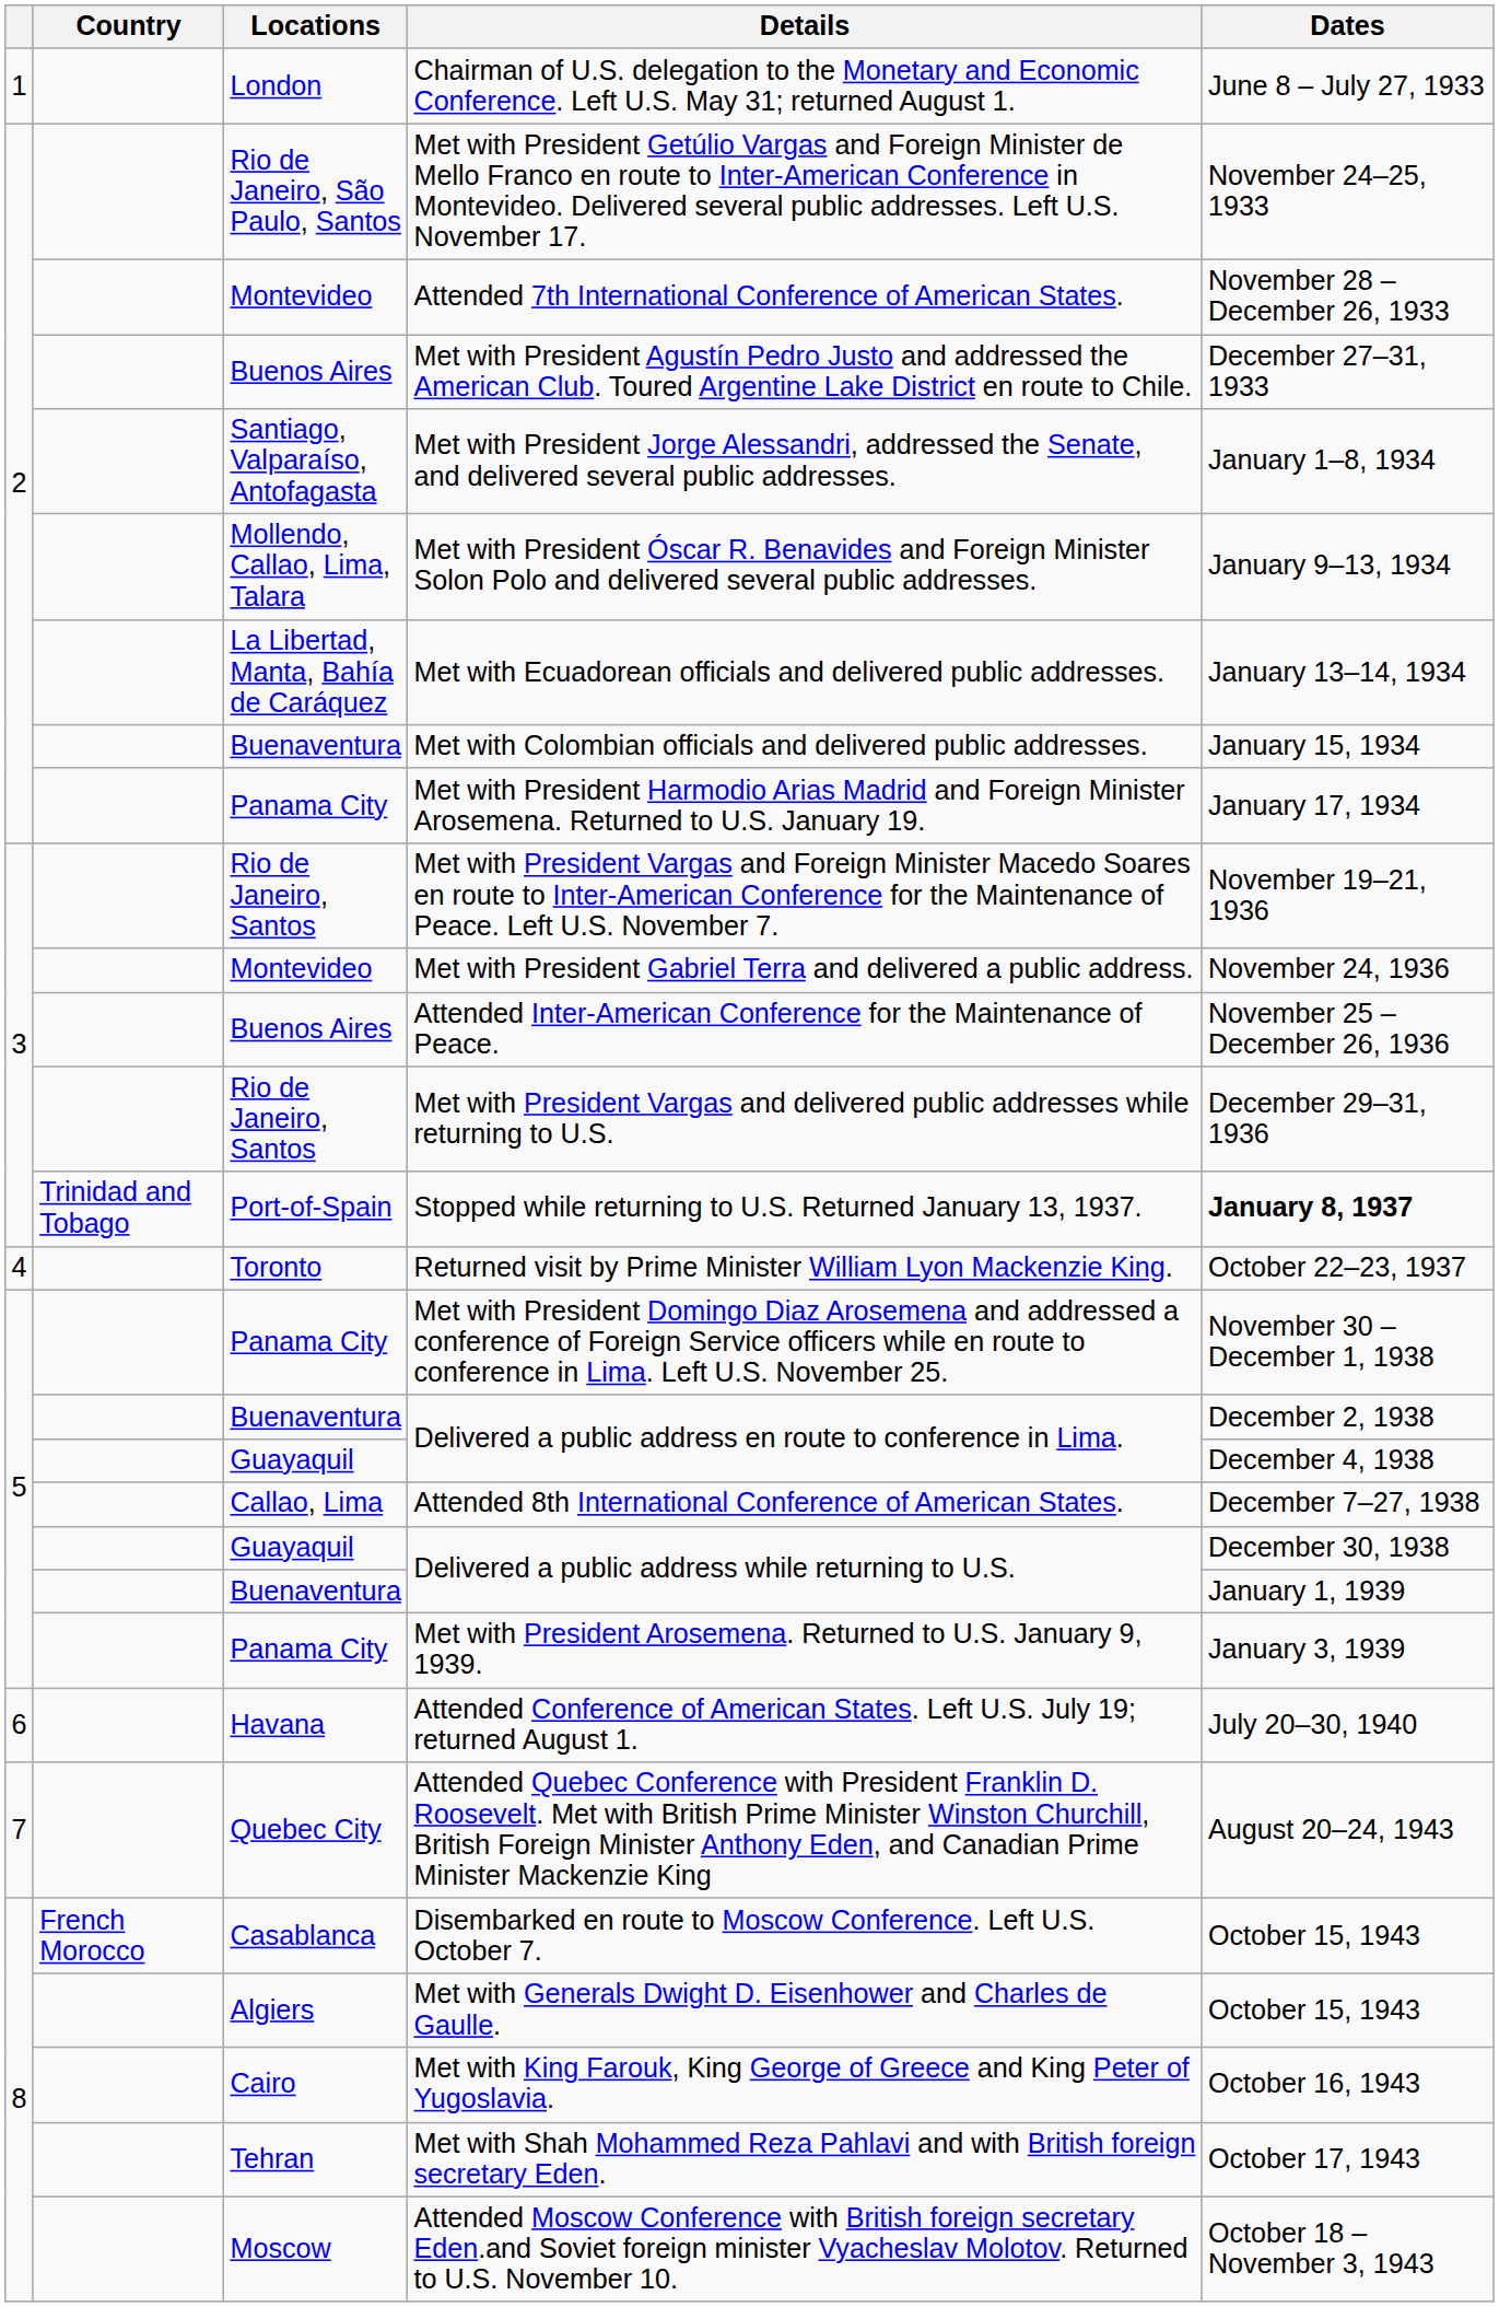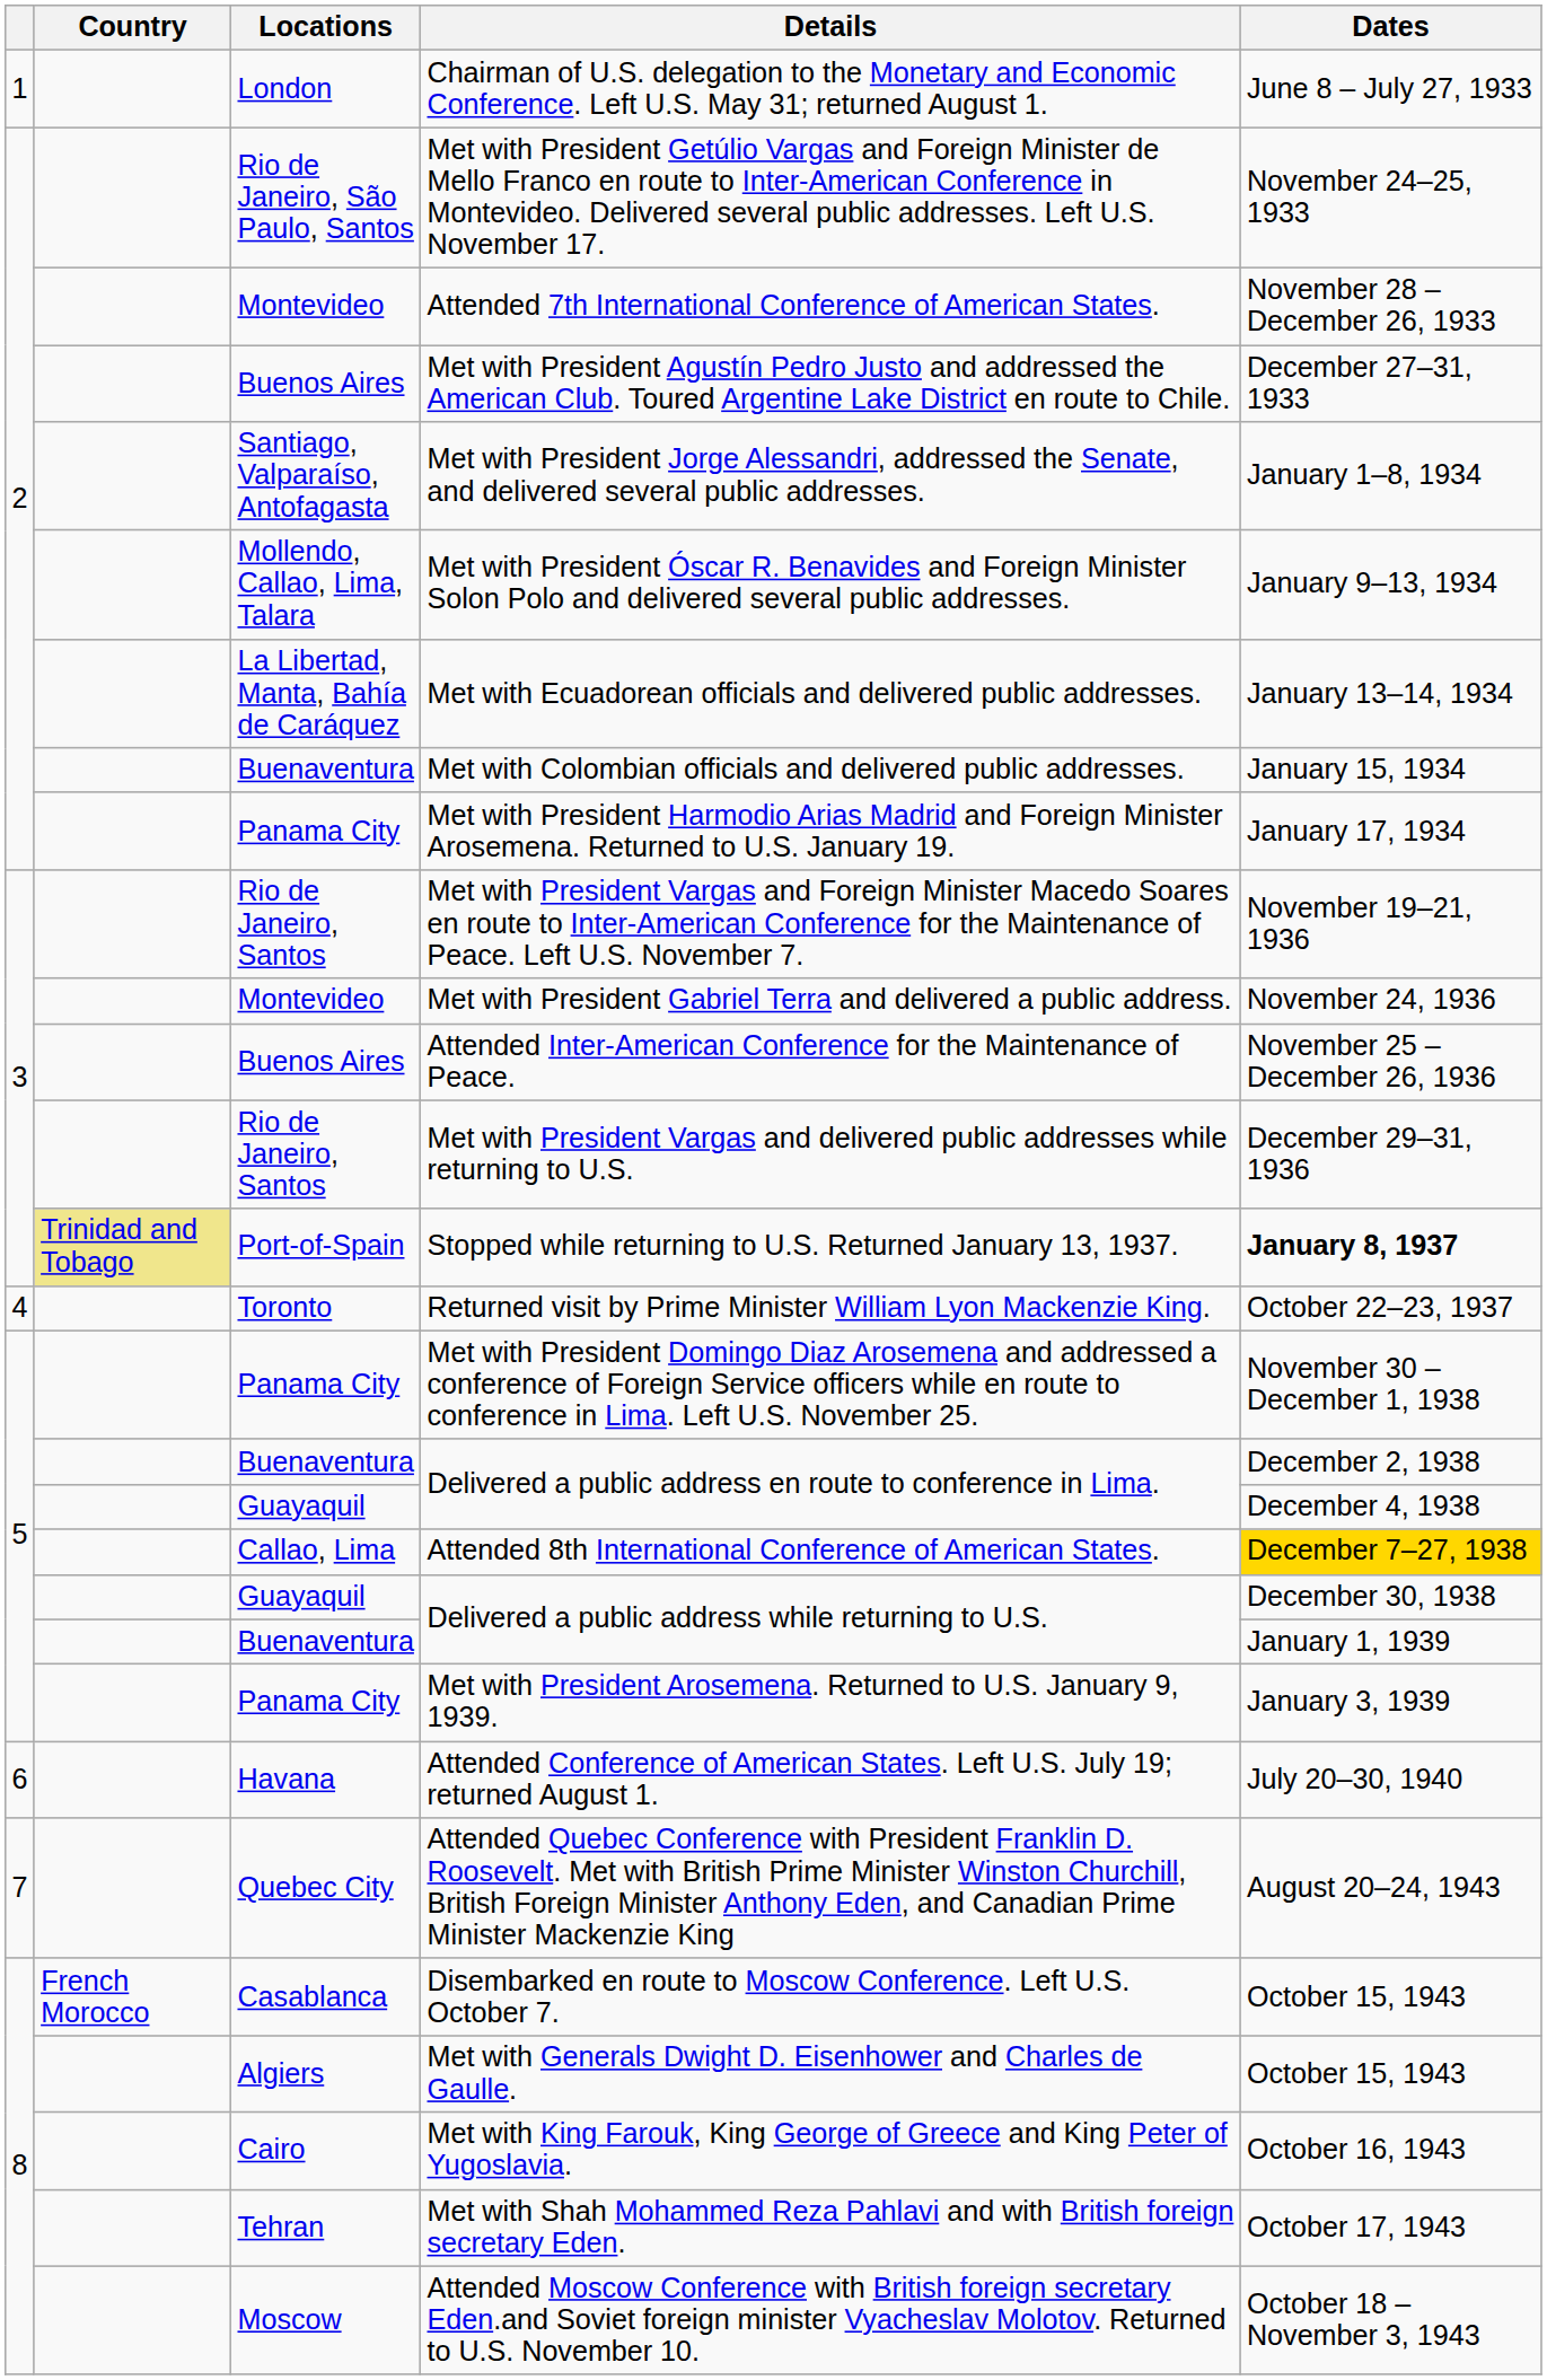 <table class="wikitable sortable">
 <tr>
 <th></th>
 <th style="width: 13%;">Country</th>
 <th style="width: 12%;">Locations</th>
 <th style="width: 55%;">Details</th>
 <th style="width: 20%;">Dates</th>
 </tr>
 <tr>
 <td>1</td>
 <td></td>
 <td><a href='#'>London</a></td>
 <td>Chairman of U.S. delegation to the <a href='#'>Monetary and Economic Conference</a>. Left U.S. May 31; returned August 1.</td>
 <td>June 8 – July 27, 1933</td>
 </tr>
 <tr>
 <td rowspan="8">2</td>
 <td></td>
 <td><a href='#'>Rio de Janeiro</a>, <a href='#'>São Paulo</a>, <a href='#'>Santos</a></td>
 <td>Met with President <a href='#'>Getúlio Vargas</a> and Foreign Minister de Mello Franco en route to <a href='#'>Inter-American Conference</a> in Montevideo. Delivered several public addresses. Left U.S. November 17.</td>
 <td>November 24–25, 1933</td>
 </tr>
 <tr>
 <td></td>
 <td><a href='#'>Montevideo</a></td>
 <td>Attended <a href='#'>7th International Conference of American States</a>.</td>
 <td>November 28 – December 26, 1933</td>
 </tr>
 <tr>
 <td></td>
 <td><a href='#'>Buenos Aires</a></td>
 <td>Met with President <a href='#'>Agustín Pedro Justo</a> and addressed the <a href='#'>American Club</a>. Toured <a href='#'>Argentine Lake District</a> en route to Chile.</td>
 <td>December 27–31, 1933</td>
 </tr>
 <tr>
 <td></td>
 <td><a href='#'>Santiago</a>, <a href='#'>Valparaíso</a>, <a href='#'>Antofagasta</a></td>
 <td>Met with President <a href='#'>Jorge Alessandri</a>, addressed the <a href='#'>Senate</a>, and delivered several public addresses.</td>
 <td>January 1–8, 1934</td>
 </tr>
 <tr>
 <td></td>
 <td><a href='#'>Mollendo</a>, <a href='#'>Callao</a>, <a href='#'>Lima</a>, <a href='#'>Talara</a></td>
 <td>Met with President <a href='#'>Óscar R. Benavides</a> and Foreign Minister Solon Polo and delivered several public addresses.</td>
 <td>January 9–13, 1934</td>
 </tr>
 <tr>
 <td></td>
 <td><a href='#'>La Libertad</a>, <a href='#'>Manta</a>, <a href='#'>Bahía de Caráquez</a></td>
 <td>Met with Ecuadorean officials and delivered public addresses.</td>
 <td>January 13–14, 1934</td>
 </tr>
 <tr>
 <td></td>
 <td><a href='#'>Buenaventura</a></td>
 <td>Met with Colombian officials and delivered public addresses.</td>
 <td>January 15, 1934</td>
 </tr>
 <tr>
 <td></td>
 <td><a href='#'>Panama City</a></td>
 <td>Met with President <a href='#'>Harmodio Arias Madrid</a> and Foreign Minister Arosemena. Returned to U.S. January 19.</td>
 <td>January 17, 1934</td>
 </tr>
 <tr>
 <td rowspan="5">3</td>
 <td></td>
 <td><a href='#'>Rio de Janeiro</a>, <a href='#'>Santos</a></td>
 <td>Met with <a href='#'>President Vargas</a> and Foreign Minister Macedo Soares en route to <a href='#'>Inter-American Conference</a> for the Maintenance of Peace. Left U.S. November 7.</td>
 <td>November 19–21, 1936</td>
 </tr>
 <tr>
 <td></td>
 <td><a href='#'>Montevideo</a></td>
 <td>Met with President <a href='#'>Gabriel Terra</a> and delivered a public address.</td>
 <td>November 24, 1936</td>
 </tr>
 <tr>
 <td></td>
 <td><a href='#'>Buenos Aires</a></td>
 <td>Attended <a href='#'>Inter-American Conference</a> for the Maintenance of Peace.</td>
 <td>November 25 – December 26, 1936</td>
 </tr>
 <tr>
 <td></td>
 <td><a href='#'>Rio de Janeiro</a>, <a href='#'>Santos</a></td>
 <td>Met with <a href='#'>President Vargas</a> and delivered public addresses while returning to U.S.</td>
 <td>December 29–31, 1936</td>
 </tr>
 <tr>
-<td><a href='#'>Trinidad and Tobago</a></td>
+<td style="background: khaki;"><a href='#'>Trinidad and Tobago</a></td>
 <td><a href='#'>Port-of-Spain</a></td>
 <td>Stopped while returning to U.S. Returned January 13, 1937.</td>
 <td><strong>January 8, 1937</strong></td>
 </tr>
 <tr>
 <td>4</td>
 <td></td>
 <td><a href='#'>Toronto</a></td>
 <td>Returned visit by Prime Minister <a href='#'>William Lyon Mackenzie King</a>.</td>
 <td>October 22–23, 1937</td>
 </tr>
 <tr>
 <td rowspan="7">5</td>
 <td></td>
 <td><a href='#'>Panama City</a></td>
 <td>Met with President <a href='#'>Domingo Diaz Arosemena</a> and addressed a conference of Foreign Service officers while en route to conference in <a href='#'>Lima</a>. Left U.S. November 25.</td>
 <td>November 30 – December 1, 1938</td>
 </tr>
 <tr>
 <td></td>
 <td><a href='#'>Buenaventura</a></td>
 <td rowspan=2>Delivered a public address en route to conference in <a href='#'>Lima</a>.</td>
 <td>December 2, 1938</td>
 </tr>
 <tr>
 <td></td>
 <td><a href='#'>Guayaquil</a></td>
 <td>December 4, 1938</td>
 </tr>
 <tr>
 <td></td>
 <td><a href='#'>Callao</a>, <a href='#'>Lima</a></td>
 <td>Attended 8th <a href='#'>International Conference of American States</a>.</td>
-<td>December 7–27, 1938</td>
+<td style="background: gold;">December 7–27, 1938</td>
 </tr>
 <tr>
 <td></td>
 <td><a href='#'>Guayaquil</a></td>
 <td rowspan=2>Delivered a public address while returning to U.S.</td>
 <td>December 30, 1938</td>
 </tr>
 <tr>
 <td></td>
 <td><a href='#'>Buenaventura</a></td>
 <td>January 1, 1939</td>
 </tr>
 <tr>
 <td></td>
 <td><a href='#'>Panama City</a></td>
 <td>Met with <a href='#'>President Arosemena</a>. Returned to U.S. January 9, 1939.</td>
 <td>January 3, 1939</td>
 </tr>
 <tr>
 <td>6</td>
 <td></td>
 <td><a href='#'>Havana</a></td>
 <td>Attended <a href='#'>Conference of American States</a>. Left U.S. July 19; returned August 1.</td>
 <td>July 20–30, 1940</td>
 </tr>
 <tr>
 <td>7</td>
 <td></td>
 <td><a href='#'>Quebec City</a></td>
 <td>Attended <a href='#'>Quebec Conference</a> with President <a href='#'>Franklin D. Roosevelt</a>. Met with British Prime Minister <a href='#'>Winston Churchill</a>, British Foreign Minister <a href='#'>Anthony Eden</a>, and Canadian Prime Minister Mackenzie King</td>
 <td>August 20–24, 1943</td>
 </tr>
 <tr>
 <td rowspan="5">8</td>
 <td> <a href='#'>French Morocco</a></td>
 <td><a href='#'>Casablanca</a></td>
 <td>Disembarked en route to <a href='#'>Moscow Conference</a>. Left U.S. October 7.</td>
 <td>October 15, 1943</td>
 </tr>
 <tr>
 <td></td>
 <td><a href='#'>Algiers</a></td>
 <td>Met with <a href='#'>Generals Dwight D. Eisenhower</a> and <a href='#'>Charles de Gaulle</a>.</td>
 <td>October 15, 1943</td>
 </tr>
 <tr>
 <td></td>
 <td><a href='#'>Cairo</a></td>
 <td>Met with <a href='#'>King Farouk</a>, King <a href='#'>George of Greece</a> and King <a href='#'>Peter of Yugoslavia</a>.</td>
 <td>October 16, 1943</td>
 </tr>
 <tr>
 <td></td>
 <td><a href='#'>Tehran</a></td>
 <td>Met with Shah <a href='#'>Mohammed Reza Pahlavi</a> and with <a href='#'>British foreign secretary Eden</a>.</td>
 <td>October 17, 1943</td>
 </tr>
 <tr>
 <td></td>
 <td><a href='#'>Moscow</a></td>
 <td>Attended <a href='#'>Moscow Conference</a> with <a href='#'>British foreign secretary Eden</a>.and Soviet foreign minister <a href='#'>Vyacheslav Molotov</a>. Returned to U.S. November 10.</td>
 <td>October 18 – November 3, 1943</td>
 </tr>
 </table>
